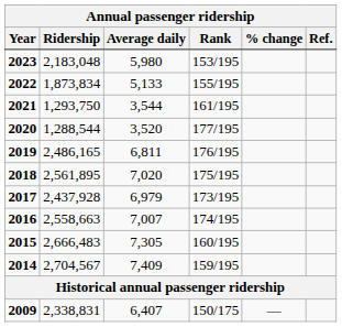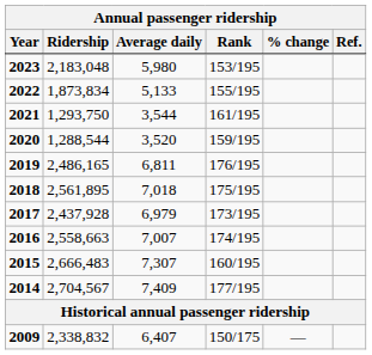 <table class="wikitable sortable" style="text-align:right;">
 <tr>
 <th colspan="6" style="background-color:#">Annual passenger ridership</th>
 </tr>
 <tr style="font-size:95%; text-align:center">
 <th style="border-bottom:1px solid black">Year</th>
 <th style="border-bottom:1px solid black">Ridership</th>
 <th style="border-bottom:1px solid black">Average daily</th>
 <th style="border-bottom:1px solid black">Rank</th>
 <th style="border-bottom:1px solid black">% change</th>
 <th style="border-bottom:1px solid black">Ref.</th>
 </tr>
 <tr style="text-align:center;">
 <td><strong>2023</strong></td>
 <td>2,183,048</td>
 <td>5,980</td>
 <td>153/195</td>
 <td></td>
 <td></td>
 </tr>
 <tr style="text-align:center;">
 <td><strong>2022</strong></td>
 <td>1,873,834</td>
 <td>5,133</td>
 <td>155/195</td>
 <td></td>
 <td></td>
 </tr>
 <tr style="text-align:center;">
 <td><strong>2021</strong></td>
 <td>1,293,750</td>
 <td>3,544</td>
 <td>161/195</td>
 <td></td>
 <td></td>
 </tr>
 <tr style="text-align:center;">
 <td><strong>2020</strong></td>
 <td>1,288,544</td>
 <td>3,520</td>
-<td>177/195</td>
+<td>159/195</td>
 <td></td>
 <td></td>
 </tr>
 <tr style="text-align:center;">
 <td><strong>2019</strong></td>
 <td>2,486,165</td>
 <td>6,811</td>
 <td>176/195</td>
 <td></td>
 <td></td>
 </tr>
 <tr style="text-align:center;">
 <td><strong>2018</strong></td>
 <td>2,561,895</td>
-<td>7,020</td>
+<td>7,018</td>
 <td>175/195</td>
 <td></td>
 <td></td>
 </tr>
 <tr style="text-align:center;">
 <td><strong>2017</strong></td>
 <td>2,437,928</td>
 <td>6,979</td>
 <td>173/195</td>
 <td></td>
 <td></td>
 </tr>
 <tr style="text-align:center;">
 <td><strong>2016</strong></td>
 <td>2,558,663</td>
 <td>7,007</td>
 <td>174/195</td>
 <td></td>
 <td></td>
 </tr>
 <tr style="text-align:center;">
 <td><strong>2015</strong></td>
 <td>2,666,483</td>
-<td>7,305</td>
+<td>7,307</td>
 <td>160/195</td>
 <td></td>
 <td></td>
 </tr>
 <tr style="text-align:center;">
 <td><strong>2014</strong></td>
 <td>2,704,567</td>
 <td>7,409</td>
-<td>159/195</td>
+<td>177/195</td>
 <td></td>
 <td></td>
 </tr>
 <tr>
 <th colspan="6" style="background-color:#">Historical annual passenger ridership</th>
 </tr>
 <tr style="text-align:center;">
 <td><strong>2009</strong></td>
-<td>2,338,831</td>
+<td>2,338,832</td>
 <td>6,407</td>
 <td>150/175</td>
 <td>—</td>
 <td></td>
 </tr>
 </table>
